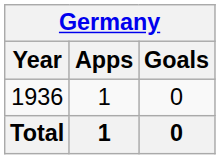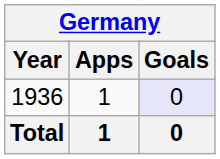 <table class="wikitable" style="text-align:center">
 <tr>
 <th colspan=3><a href='#'>Germany</a></th>
 </tr>
 <tr>
 <th>Year</th>
 <th>Apps</th>
 <th>Goals</th>
 </tr>
 <tr>
 <td>1936</td>
 <td>1</td>
-<td>0</td>
+<td style="background: lavender;">0</td>
 </tr>
 <tr>
 <th>Total</th>
 <th>1</th>
 <th>0</th>
 </tr>
 </table>
